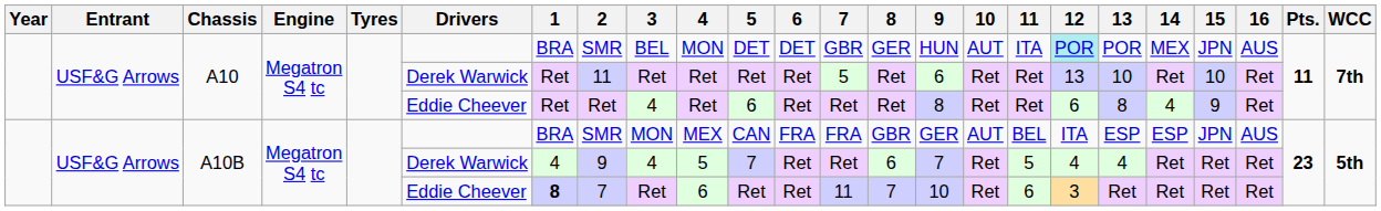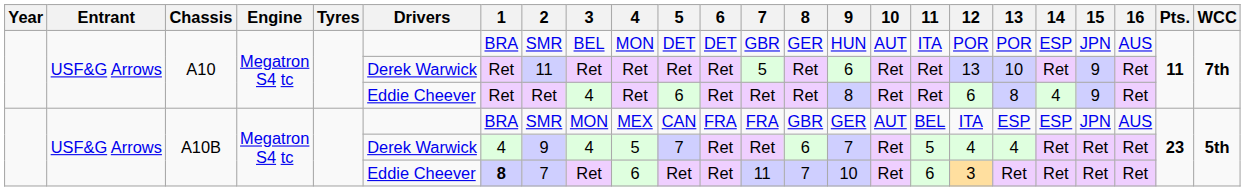 <table class="wikitable" border="1" style="text-align:center; font-size:95%;">
 <tr>
 <th>Year</th>
 <th>Entrant</th>
 <th>Chassis</th>
 <th>Engine</th>
 <th>Tyres</th>
 <th>Drivers</th>
 <th>1</th>
 <th>2</th>
 <th>3</th>
 <th>4</th>
 <th>5</th>
 <th>6</th>
 <th>7</th>
 <th>8</th>
 <th>9</th>
 <th>10</th>
 <th>11</th>
 <th>12</th>
 <th>13</th>
 <th>14</th>
 <th>15</th>
 <th>16</th>
 <th>Pts.</th>
 <th>WCC</th>
 </tr>
 <tr>
 <td rowspan="3"></td>
 <td rowspan="3"><a href='#'>USF&G</a> <a href='#'>Arrows</a></td>
 <td rowspan="3">A10</td>
 <td rowspan="3"><a href='#'>Megatron</a><br><a href='#'>S4</a> <a href='#'>tc</a></td>
 <td rowspan="3"></td>
 <td></td>
 <td><a href='#'>BRA</a></td>
 <td><a href='#'>SMR</a></td>
 <td><a href='#'>BEL</a></td>
 <td><a href='#'>MON</a></td>
 <td><a href='#'>DET</a></td>
 <td><a href='#'>DET</a></td>
 <td><a href='#'>GBR</a></td>
 <td><a href='#'>GER</a></td>
 <td><a href='#'>HUN</a></td>
 <td><a href='#'>AUT</a></td>
 <td><a href='#'>ITA</a></td>
-<td style="background: paleturquoise;"><a href='#'>POR</a></td>
 <td><a href='#'>POR</a></td>
-<td><a href='#'>MEX</a></td>
+<td><a href='#'>POR</a></td>
+<td><a href='#'>ESP</a></td>
 <td><a href='#'>JPN</a></td>
 <td><a href='#'>AUS</a></td>
 <td rowspan="3"><strong>11</strong></td>
 <td rowspan="3"><strong>7th</strong></td>
 </tr>
 <tr>
 <td align="left"><a href='#'>Derek Warwick</a></td>
 <td style="background:#efcfff;">Ret</td>
 <td style="background:#cfcfff;">11</td>
 <td style="background:#efcfff;">Ret</td>
 <td style="background:#efcfff;">Ret</td>
 <td style="background:#efcfff;">Ret</td>
 <td style="background:#efcfff;">Ret</td>
 <td style="background:#dfffdf;">5</td>
 <td style="background:#efcfff;">Ret</td>
 <td style="background:#dfffdf;">6</td>
 <td style="background:#efcfff;">Ret</td>
 <td style="background:#efcfff;">Ret</td>
 <td style="background:#cfcfff;">13</td>
 <td style="background:#cfcfff;">10</td>
 <td style="background:#efcfff;">Ret</td>
-<td style="background:#cfcfff;">10</td>
+<td style="background:#cfcfff;">9</td>
 <td style="background:#efcfff;">Ret</td>
 </tr>
 <tr>
 <td align="left"><a href='#'>Eddie Cheever</a></td>
 <td style="background:#efcfff;">Ret</td>
 <td style="background:#efcfff;">Ret</td>
 <td style="background:#dfffdf;">4</td>
 <td style="background:#efcfff;">Ret</td>
 <td style="background:#dfffdf;">6</td>
 <td style="background:#efcfff;">Ret</td>
 <td style="background:#efcfff;">Ret</td>
 <td style="background:#efcfff;">Ret</td>
 <td style="background:#cfcfff;">8</td>
 <td style="background:#efcfff;">Ret</td>
 <td style="background:#efcfff;">Ret</td>
 <td style="background:#dfffdf;">6</td>
 <td style="background:#cfcfff;">8</td>
 <td style="background:#dfffdf;">4</td>
 <td style="background:#cfcfff;">9</td>
 <td style="background:#efcfff;">Ret</td>
 </tr>
 <tr>
 <td rowspan="3"></td>
 <td rowspan="3"><a href='#'>USF&G</a> <a href='#'>Arrows</a></td>
 <td rowspan="3">A10B</td>
 <td rowspan="3"><a href='#'>Megatron</a><br><a href='#'>S4</a> <a href='#'>tc</a></td>
 <td rowspan="3"></td>
 <td></td>
 <td><a href='#'>BRA</a></td>
 <td><a href='#'>SMR</a></td>
 <td><a href='#'>MON</a></td>
 <td><a href='#'>MEX</a></td>
 <td><a href='#'>CAN</a></td>
 <td><a href='#'>FRA</a></td>
 <td><a href='#'>FRA</a></td>
 <td><a href='#'>GBR</a></td>
 <td><a href='#'>GER</a></td>
 <td><a href='#'>AUT</a></td>
 <td><a href='#'>BEL</a></td>
 <td><a href='#'>ITA</a></td>
 <td><a href='#'>ESP</a></td>
 <td><a href='#'>ESP</a></td>
 <td><a href='#'>JPN</a></td>
 <td><a href='#'>AUS</a></td>
 <td rowspan="3"><strong>23</strong></td>
 <td rowspan="3"><strong>5th</strong></td>
 </tr>
 <tr>
 <td align="left"><a href='#'>Derek Warwick</a></td>
 <td style="background:#dfffdf;">4</td>
 <td style="background:#cfcfff;">9</td>
 <td style="background:#dfffdf;">4</td>
 <td style="background:#dfffdf;">5</td>
 <td style="background:#cfcfff;">7</td>
 <td style="background:#efcfff;">Ret</td>
 <td style="background:#efcfff;">Ret</td>
 <td style="background:#dfffdf;">6</td>
 <td style="background:#cfcfff;">7</td>
 <td style="background:#efcfff;">Ret</td>
 <td style="background:#dfffdf;">5</td>
 <td style="background:#dfffdf;">4</td>
 <td style="background:#dfffdf;">4</td>
 <td style="background:#efcfff;">Ret</td>
 <td style="background:#efcfff;">Ret</td>
 <td style="background:#efcfff;">Ret</td>
 </tr>
 <tr>
 <td align="left"><a href='#'>Eddie Cheever</a></td>
 <td style="background:#cfcfff;"><strong>8</strong></td>
 <td style="background:#cfcfff;">7</td>
 <td style="background:#efcfff;">Ret</td>
 <td style="background:#dfffdf;">6</td>
 <td style="background:#efcfff;">Ret</td>
 <td style="background:#efcfff;">Ret</td>
 <td style="background:#cfcfff;">11</td>
 <td style="background:#cfcfff;">7</td>
 <td style="background:#cfcfff;">10</td>
 <td style="background:#efcfff;">Ret</td>
 <td style="background:#dfffdf;">6</td>
 <td style="background:#ffdf9f;">3</td>
 <td style="background:#efcfff;">Ret</td>
 <td style="background:#efcfff;">Ret</td>
 <td style="background:#efcfff;">Ret</td>
 <td style="background:#efcfff;">Ret</td>
 </tr>
 </table>
